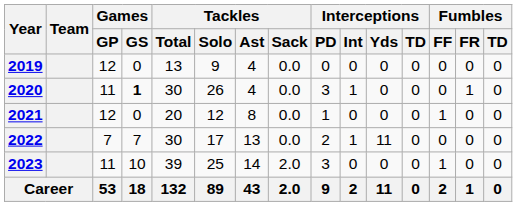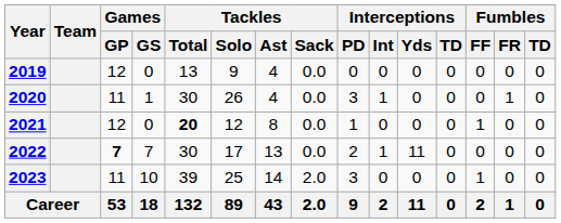 <table class="wikitable" style="text-align:center;">
 <tr>
 <th rowspan="2">Year</th>
 <th rowspan="2">Team</th>
 <th colspan="2">Games</th>
 <th colspan="4">Tackles</th>
 <th colspan="4">Interceptions</th>
 <th colspan="3">Fumbles</th>
 </tr>
 <tr>
 <th>GP</th>
 <th>GS</th>
 <th>Total</th>
 <th>Solo</th>
 <th>Ast</th>
 <th>Sack</th>
 <th>PD</th>
 <th>Int</th>
 <th>Yds</th>
 <th>TD</th>
 <th>FF</th>
 <th>FR</th>
 <th>TD</th>
 </tr>
 <tr>
 <th><a href='#'>2019</a></th>
 <th><a href='#'></a></th>
 <td>12</td>
 <td>0</td>
 <td>13</td>
 <td>9</td>
 <td>4</td>
 <td>0.0</td>
 <td>0</td>
 <td>0</td>
 <td>0</td>
 <td>0</td>
 <td>0</td>
 <td>0</td>
 <td>0</td>
 </tr>
 <tr>
 <th><a href='#'>2020</a></th>
 <th><a href='#'></a></th>
 <td>11</td>
-<td><strong>1</strong></td>
+<td>1</td>
 <td>30</td>
 <td>26</td>
 <td>4</td>
 <td>0.0</td>
 <td>3</td>
 <td>1</td>
 <td>0</td>
 <td>0</td>
 <td>0</td>
 <td>1</td>
 <td>0</td>
 </tr>
 <tr>
 <th><a href='#'>2021</a></th>
 <th><a href='#'></a></th>
 <td>12</td>
 <td>0</td>
-<td>20</td>
+<td><strong>20</strong></td>
 <td>12</td>
 <td>8</td>
 <td>0.0</td>
 <td>1</td>
 <td>0</td>
 <td>0</td>
 <td>0</td>
 <td>1</td>
 <td>0</td>
 <td>0</td>
 </tr>
 <tr>
 <th><a href='#'>2022</a></th>
 <th><a href='#'></a></th>
-<td>7</td>
+<td><strong>7</strong></td>
 <td>7</td>
 <td>30</td>
 <td>17</td>
 <td>13</td>
 <td>0.0</td>
 <td>2</td>
 <td>1</td>
 <td>11</td>
 <td>0</td>
 <td>0</td>
 <td>0</td>
 <td>0</td>
 </tr>
 <tr>
 <th><a href='#'>2023</a></th>
 <th><a href='#'></a></th>
 <td>11</td>
 <td>10</td>
 <td>39</td>
 <td>25</td>
 <td>14</td>
 <td>2.0</td>
 <td>3</td>
 <td>0</td>
 <td>0</td>
 <td>0</td>
 <td>1</td>
 <td>0</td>
 <td>0</td>
 </tr>
 <tr>
 <th align=center colspan="2">Career</th>
 <th>53</th>
 <th>18</th>
 <th>132</th>
 <th>89</th>
 <th>43</th>
 <th>2.0</th>
 <th>9</th>
 <th>2</th>
 <th>11</th>
 <th>0</th>
 <th>2</th>
 <th>1</th>
 <th>0</th>
 </tr>
 </table>
